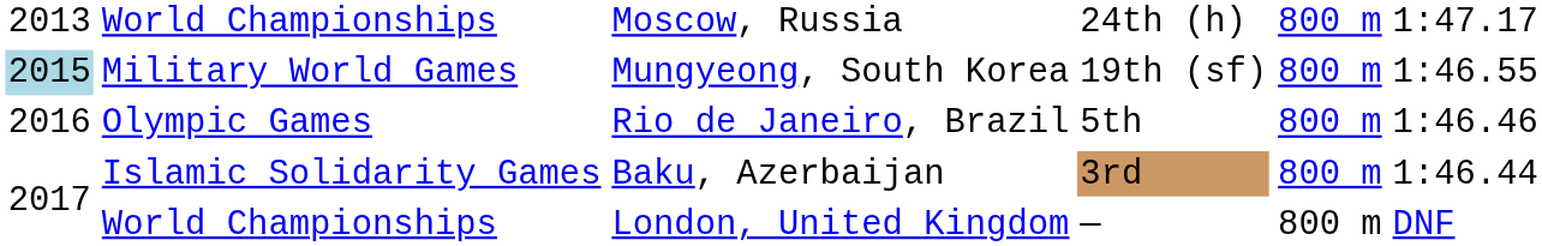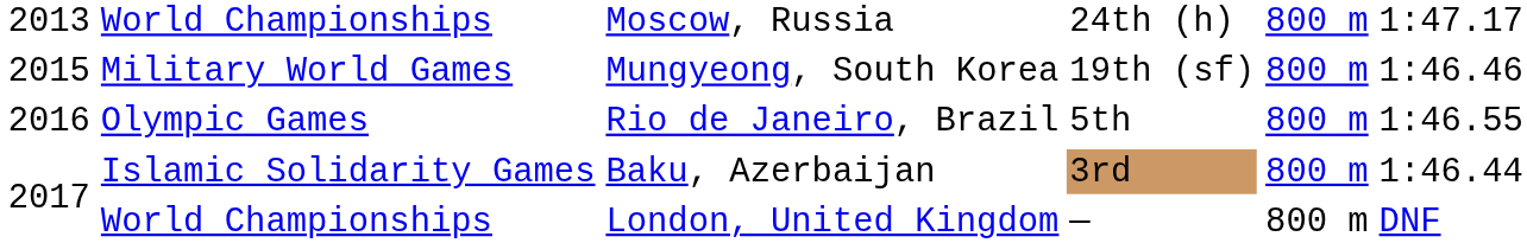 <table>
 <tr>
 <td>2013</td>
 <td><a href='#'>World Championships</a></td>
 <td><a href='#'>Moscow</a>, Russia</td>
 <td>24th (h)</td>
 <td><a href='#'>800 m</a></td>
 <td>1:47.17</td>
 </tr>
 <tr>
-<td style="background: lightblue;">2015</td>
+<td>2015</td>
 <td><a href='#'>Military World Games</a></td>
 <td><a href='#'>Mungyeong</a>, South Korea</td>
 <td>19th (sf)</td>
 <td><a href='#'>800 m</a></td>
-<td>1:46.55</td>
+<td>1:46.46</td>
 </tr>
 <tr>
 <td>2016</td>
 <td><a href='#'>Olympic Games</a></td>
 <td><a href='#'>Rio de Janeiro</a>, Brazil</td>
 <td>5th</td>
 <td><a href='#'>800 m</a></td>
-<td>1:46.46</td>
+<td>1:46.55</td>
 </tr>
 <tr>
 <td rowspan=2>2017</td>
 <td><a href='#'>Islamic Solidarity Games</a></td>
 <td><a href='#'>Baku</a>, Azerbaijan</td>
 <td bgcolor=cc9966>3rd</td>
 <td><a href='#'>800 m</a></td>
 <td>1:46.44</td>
 </tr>
 <tr>
 <td><a href='#'>World Championships</a></td>
 <td><a href='#'>London, United Kingdom</a></td>
 <td>—</td>
 <td>800 m</td>
 <td><a href='#'>DNF</a></td>
 </tr>
 </table>
